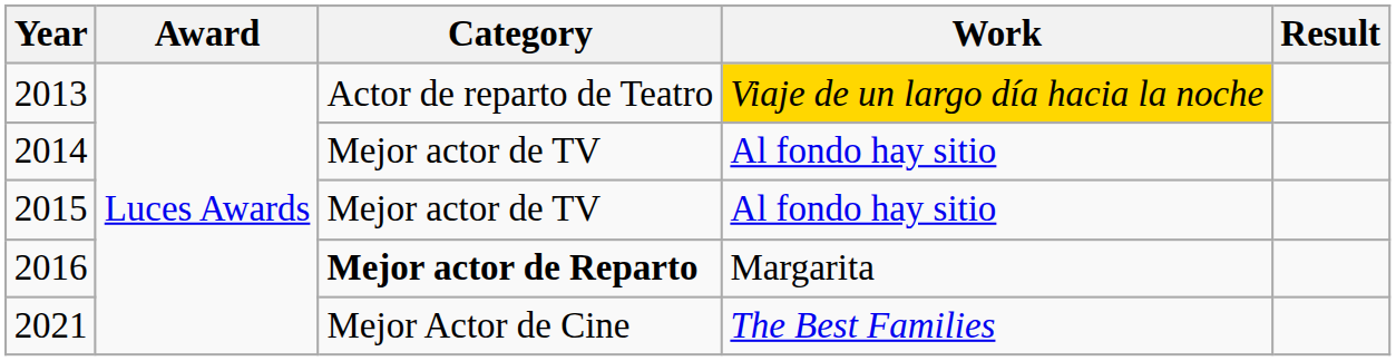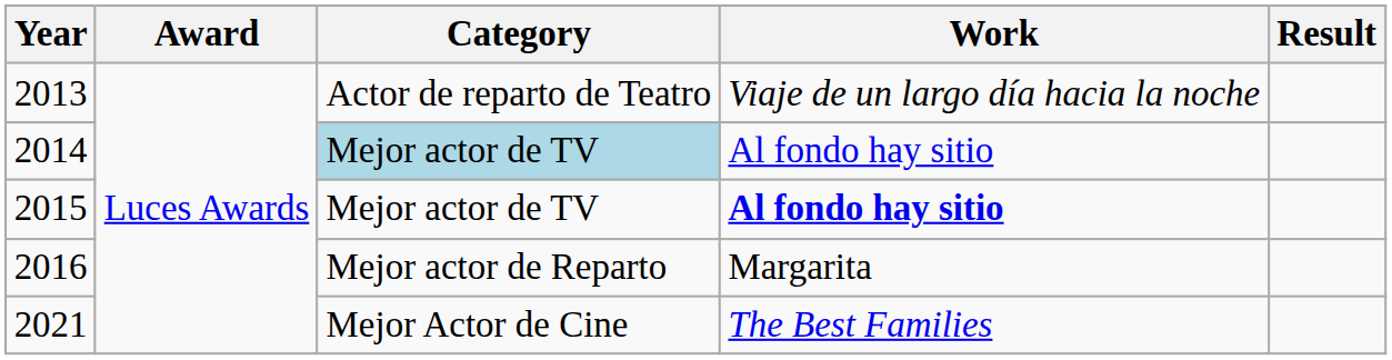 <table class="wikitable">
 <tr>
 <th>Year</th>
 <th>Award</th>
 <th>Category</th>
 <th>Work</th>
 <th>Result</th>
 </tr>
 <tr>
 <td>2013</td>
 <td rowspan="5"><a href='#'>Luces Awards</a></td>
 <td>Actor de reparto de Teatro</td>
-<td style="background: gold;"><em>Viaje de un largo día hacia la noche</em></td>
+<td><em>Viaje de un largo día hacia la noche</em></td>
 <td></td>
 </tr>
 <tr>
 <td>2014</td>
-<td>Mejor actor de TV</td>
+<td style="background: lightblue;">Mejor actor de TV</td>
 <td><a href='#'>Al fondo hay sitio</a></td>
 <td></td>
 </tr>
 <tr>
 <td>2015</td>
 <td>Mejor actor de TV</td>
-<td><a href='#'>Al fondo hay sitio</a></td>
+<td><strong><a href='#'>Al fondo hay sitio</a></strong></td>
 <td></td>
 </tr>
 <tr>
 <td>2016</td>
-<td><strong>Mejor actor de Reparto</strong></td>
+<td>Mejor actor de Reparto</td>
 <td>Margarita</td>
 <td></td>
 </tr>
 <tr>
 <td>2021</td>
 <td>Mejor Actor de Cine</td>
 <td><em><a href='#'>The Best Families</a></em></td>
 <td></td>
 </tr>
 </table>
